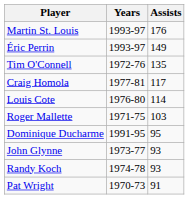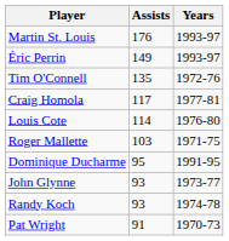 <table class="wikitable" border="1">
 <tr>
 <th>Player</th>
+<th>Assists</th>
 <th>Years</th>
-<th>Assists</th>
 </tr>
 <tr>
 <td><a href='#'>Martin St. Louis</a></td>
+<td>176</td>
 <td>1993-97</td>
-<td>176</td>
 </tr>
 <tr>
 <td><a href='#'>Éric Perrin</a></td>
+<td>149</td>
 <td>1993-97</td>
-<td>149</td>
 </tr>
 <tr>
 <td><a href='#'>Tim O'Connell</a></td>
+<td>135</td>
 <td>1972-76</td>
-<td>135</td>
 </tr>
 <tr>
 <td><a href='#'>Craig Homola</a></td>
+<td>117</td>
 <td>1977-81</td>
-<td>117</td>
 </tr>
 <tr>
 <td><a href='#'>Louis Cote</a></td>
+<td>114</td>
 <td>1976-80</td>
-<td>114</td>
 </tr>
 <tr>
 <td><a href='#'>Roger Mallette</a></td>
+<td>103</td>
 <td>1971-75</td>
-<td>103</td>
 </tr>
 <tr>
 <td><a href='#'>Dominique Ducharme</a></td>
+<td>95</td>
 <td>1991-95</td>
-<td>95</td>
 </tr>
 <tr>
 <td><a href='#'>John Glynne</a></td>
+<td>93</td>
 <td>1973-77</td>
-<td>93</td>
 </tr>
 <tr>
 <td><a href='#'>Randy Koch</a></td>
+<td>93</td>
 <td>1974-78</td>
-<td>93</td>
 </tr>
 <tr>
 <td><a href='#'>Pat Wright</a></td>
+<td>91</td>
 <td>1970-73</td>
-<td>91</td>
 </tr>
 </table>
